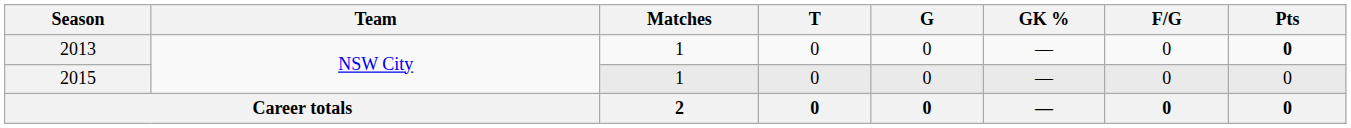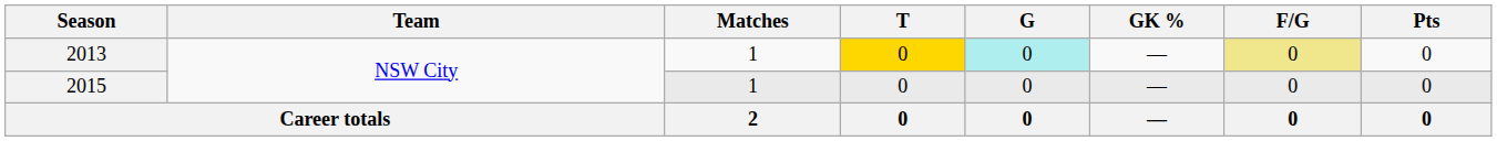 <table class="wikitable sortable"  style="font-size:90%; text-align:center; width:85%;">
 <tr>
 <th width=2%>Season</th>
 <th width=8%>Team</th>
 <th width=2%>Matches</th>
 <th width=2%>T</th>
 <th width=2%>G</th>
 <th width=2%>GK %</th>
 <th width=2%>F/G</th>
 <th width=2%>Pts</th>
 </tr>
 <tr>
 <th scope="row" style="text-align:center; font-weight:normal">2013</th>
 <td rowspan="2" style="text-align:center;"> <a href='#'>NSW City</a></td>
 <td>1</td>
+<td style="background: gold;">0</td>
+<td style="background: paleturquoise;">0</td>
+<td>—</td>
+<td style="background: khaki;">0</td>
 <td>0</td>
-<td>0</td>
-<td>—</td>
-<td>0</td>
-<td><strong>0</strong></td>
 </tr>
 <tr style="background:#eaeaea;">
 <th scope="row" style="text-align:center; font-weight:normal">2015</th>
 <td>1</td>
 <td>0</td>
 <td>0</td>
 <td>—</td>
 <td>0</td>
 <td>0</td>
 </tr>
 <tr class="sortbottom">
 <th colspan=2>Career totals</th>
 <th>2</th>
 <th>0</th>
 <th>0</th>
 <th>—</th>
 <th>0</th>
 <th>0</th>
 </tr>
 </table>
